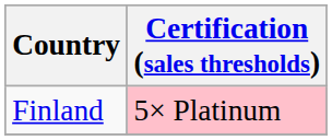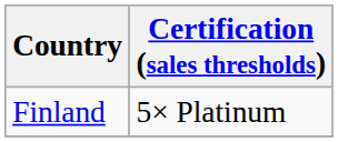 <table class="wikitable sortable">
 <tr>
 <th>Country</th>
 <th><a href='#'>Certification</a><br>(<small><a href='#'>sales thresholds</a></small>)</th>
 </tr>
 <tr>
 <td><a href='#'>Finland</a></td>
-<td style="background: pink;">5× Platinum</td>
+<td>5× Platinum</td>
 </tr>
 <tr>
 </tr>
 </table>
